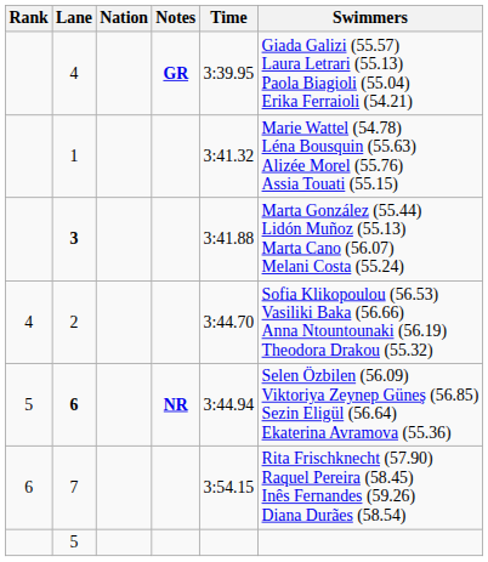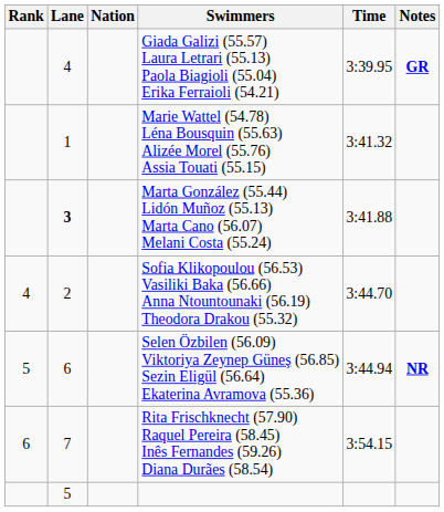 <table class="wikitable sortable" style="text-align:center">
 <tr>
 <th>Rank</th>
 <th>Lane</th>
 <th>Nation</th>
+<th>Swimmers</th>
+<th>Time</th>
 <th>Notes</th>
-<th>Time</th>
-<th>Swimmers</th>
 </tr>
 <tr>
 <td></td>
 <td>4</td>
 <td align="left"></td>
+<td align="left"><a href='#'>Giada Galizi</a> (55.57)<br><a href='#'>Laura Letrari</a> (55.13)<br><a href='#'>Paola Biagioli</a> (55.04)<br><a href='#'>Erika Ferraioli</a> (54.21)</td>
+<td>3:39.95</td>
 <td><strong><a href='#'>GR</a></strong></td>
-<td>3:39.95</td>
-<td align="left"><a href='#'>Giada Galizi</a> (55.57)<br><a href='#'>Laura Letrari</a> (55.13)<br><a href='#'>Paola Biagioli</a> (55.04)<br><a href='#'>Erika Ferraioli</a> (54.21)</td>
 </tr>
 <tr>
 <td></td>
 <td>1</td>
 <td align="left"></td>
+<td align="left"><a href='#'>Marie Wattel</a> (54.78)<br><a href='#'>Léna Bousquin</a> (55.63)<br><a href='#'>Alizée Morel</a> (55.76)<br><a href='#'>Assia Touati</a> (55.15)</td>
+<td>3:41.32</td>
 <td></td>
-<td>3:41.32</td>
-<td align="left"><a href='#'>Marie Wattel</a> (54.78)<br><a href='#'>Léna Bousquin</a> (55.63)<br><a href='#'>Alizée Morel</a> (55.76)<br><a href='#'>Assia Touati</a> (55.15)</td>
 </tr>
 <tr>
 <td></td>
 <td><strong>3</strong></td>
 <td align="left"></td>
+<td align="left"><a href='#'>Marta González</a> (55.44)<br><a href='#'>Lidón Muñoz</a> (55.13)<br><a href='#'>Marta Cano</a> (56.07)<br><a href='#'>Melani Costa</a> (55.24)</td>
+<td>3:41.88</td>
 <td></td>
-<td>3:41.88</td>
-<td align="left"><a href='#'>Marta González</a> (55.44)<br><a href='#'>Lidón Muñoz</a> (55.13)<br><a href='#'>Marta Cano</a> (56.07)<br><a href='#'>Melani Costa</a> (55.24)</td>
 </tr>
 <tr>
 <td>4</td>
 <td>2</td>
 <td align="left"></td>
+<td align="left"><a href='#'>Sofia Klikopoulou</a> (56.53)<br><a href='#'>Vasiliki Baka</a> (56.66)<br><a href='#'>Anna Ntountounaki</a> (56.19)<br><a href='#'>Theodora Drakou</a> (55.32)</td>
+<td>3:44.70</td>
 <td></td>
-<td>3:44.70</td>
-<td align="left"><a href='#'>Sofia Klikopoulou</a> (56.53)<br><a href='#'>Vasiliki Baka</a> (56.66)<br><a href='#'>Anna Ntountounaki</a> (56.19)<br><a href='#'>Theodora Drakou</a> (55.32)</td>
 </tr>
 <tr>
 <td>5</td>
-<td><strong>6</strong></td>
+<td>6</td>
 <td align="left"></td>
+<td align="left"><a href='#'>Selen Özbilen</a> (56.09)<br><a href='#'>Viktoriya Zeynep Güneş</a> (56.85)<br><a href='#'>Sezin Eligül</a> (56.64)<br><a href='#'>Ekaterina Avramova</a> (55.36)</td>
+<td>3:44.94</td>
 <td><strong><a href='#'>NR</a></strong></td>
-<td>3:44.94</td>
-<td align="left"><a href='#'>Selen Özbilen</a> (56.09)<br><a href='#'>Viktoriya Zeynep Güneş</a> (56.85)<br><a href='#'>Sezin Eligül</a> (56.64)<br><a href='#'>Ekaterina Avramova</a> (55.36)</td>
 </tr>
 <tr>
 <td>6</td>
 <td>7</td>
 <td align="left"></td>
+<td align="left"><a href='#'>Rita Frischknecht</a> (57.90)<br><a href='#'>Raquel Pereira</a> (58.45)<br><a href='#'>Inês Fernandes</a> (59.26)<br><a href='#'>Diana Durães</a> (58.54)</td>
+<td>3:54.15</td>
 <td></td>
-<td>3:54.15</td>
-<td align="left"><a href='#'>Rita Frischknecht</a> (57.90)<br><a href='#'>Raquel Pereira</a> (58.45)<br><a href='#'>Inês Fernandes</a> (59.26)<br><a href='#'>Diana Durães</a> (58.54)</td>
 </tr>
 <tr>
 <td></td>
 <td>5</td>
 <td align="left"></td>
 <td></td>
 <td></td>
 <td></td>
 </tr>
 </table>
